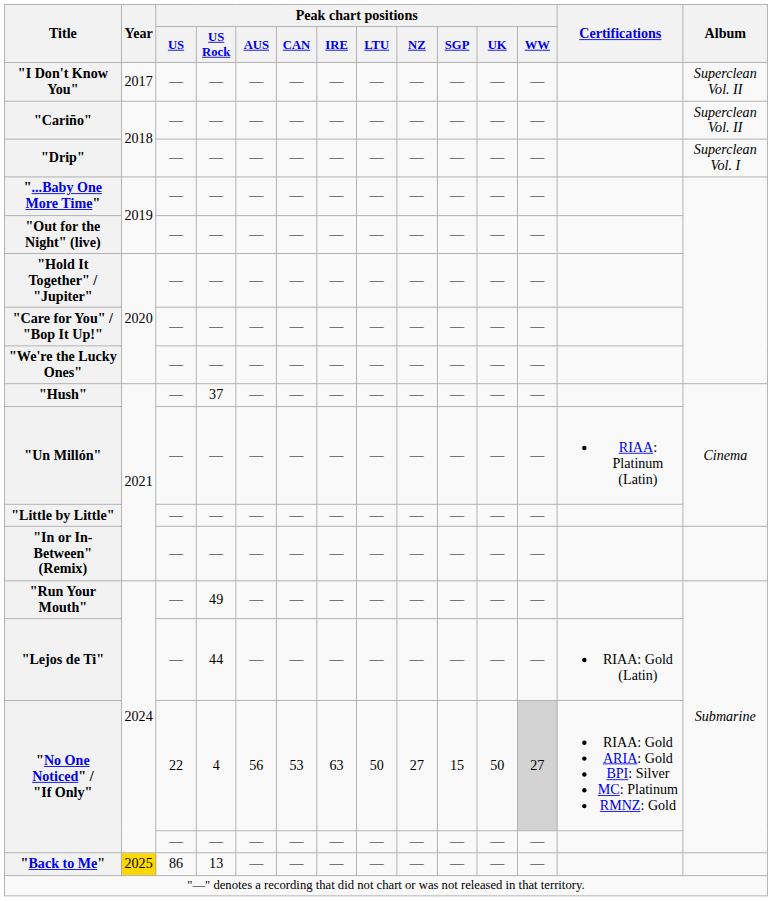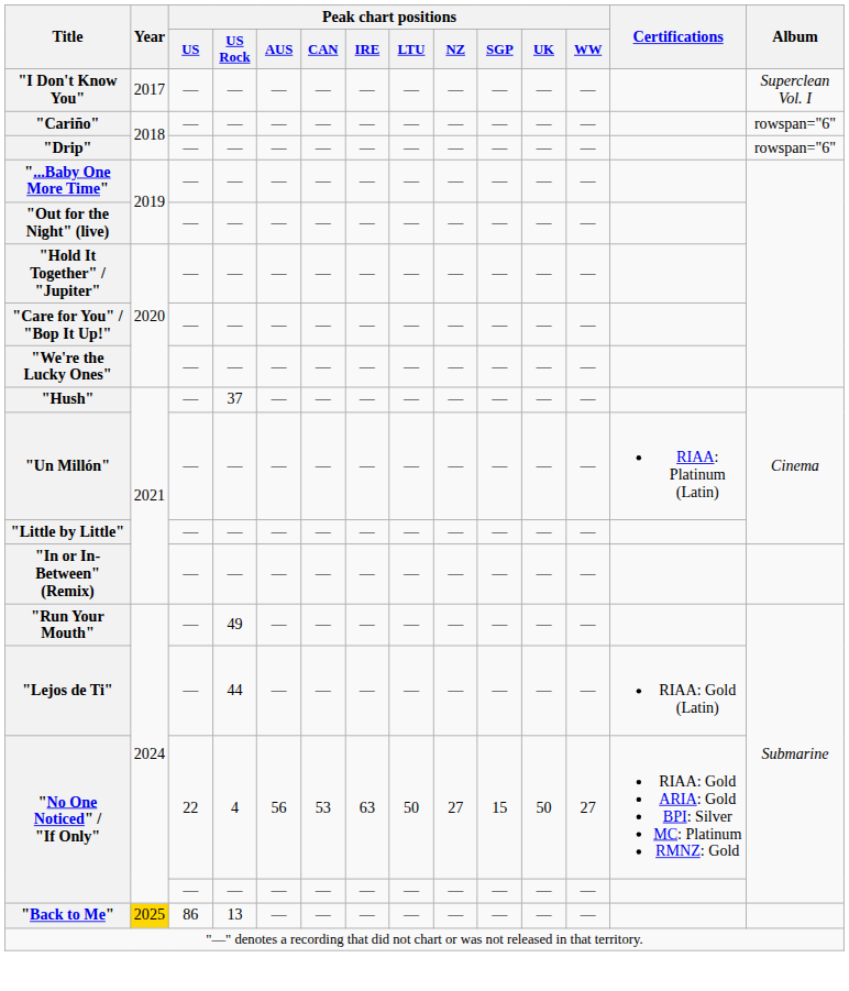 <table class="wikitable plainrowheaders" style="text-align:center;" border="1">
 <tr>
 <th scope="col" rowspan="2">Title</th>
 <th scope="col" rowspan="2">Year</th>
 <th scope="col" colspan="10">Peak chart positions</th>
 <th scope="col" rowspan="2"><a href='#'>Certifications</a></th>
 <th scope="col" rowspan="2">Album</th>
 </tr>
 <tr>
 <th scope="col" style="width:2.7em;font-size:90%;"><a href='#'>US</a><br></th>
 <th scope="col" style="width:2.7em;font-size:90%;"><a href='#'>US<br>Rock</a><br></th>
 <th scope="col" style="width:2.7em;font-size:90%;"><a href='#'>AUS</a><br></th>
 <th scope="col" style="width:2.7em;font-size:90%;"><a href='#'>CAN</a><br></th>
 <th scope="col" style="width:2.7em;font-size:90%;"><a href='#'>IRE</a><br></th>
 <th scope="col" style="width:2.7em;font-size:90%;"><a href='#'>LTU</a><br></th>
 <th scope="col" style="width:2.7em;font-size:90%;"><a href='#'>NZ</a><br></th>
 <th scope="col" style="width:2.7em;font-size:90%;"><a href='#'>SGP</a><br></th>
 <th scope="col" style="width:2.7em;font-size:90%;"><a href='#'>UK</a><br></th>
 <th scope="col" style="width:2.7em;font-size:90%;"><a href='#'>WW</a><br></th>
 </tr>
 <tr>
 <th scope="row">"I Don't Know You"</th>
 <td>2017</td>
 <td>—</td>
 <td>—</td>
 <td>—</td>
 <td>—</td>
 <td>—</td>
 <td>—</td>
 <td>—</td>
 <td>—</td>
 <td>—</td>
 <td>—</td>
 <td></td>
-<td><em>Superclean Vol. II</em></td>
+<td><em>Superclean Vol. I</em></td>
 </tr>
 <tr>
 <th scope="row">"Cariño"</th>
 <td rowspan="2">2018</td>
 <td>—</td>
 <td>—</td>
 <td>—</td>
 <td>—</td>
 <td>—</td>
 <td>—</td>
 <td>—</td>
 <td>—</td>
 <td>—</td>
 <td>—</td>
 <td></td>
-<td><em>Superclean Vol. II</em></td>
+<td>rowspan="6" </td>
 </tr>
 <tr>
 <th scope="row">"Drip"<br></th>
 <td>—</td>
 <td>—</td>
 <td>—</td>
 <td>—</td>
 <td>—</td>
 <td>—</td>
 <td>—</td>
 <td>—</td>
 <td>—</td>
 <td>—</td>
 <td></td>
-<td><em>Superclean Vol. I</em></td>
+<td>rowspan="6" </td>
 </tr>
 <tr>
 <th scope="row">"<a href='#'>...Baby One More Time</a>"</th>
 <td rowspan="2">2019</td>
 <td>—</td>
 <td>—</td>
 <td>—</td>
 <td>—</td>
 <td>—</td>
 <td>—</td>
 <td>—</td>
 <td>—</td>
 <td>—</td>
 <td>—</td>
 <td></td>
 </tr>
 <tr>
 <th scope="row">"Out for the Night" (live)</th>
 <td>—</td>
 <td>—</td>
 <td>—</td>
 <td>—</td>
 <td>—</td>
 <td>—</td>
 <td>—</td>
 <td>—</td>
 <td>—</td>
 <td>—</td>
 <td></td>
 </tr>
 <tr>
 <th scope="row">"Hold It Together" / "Jupiter"</th>
 <td rowspan="3">2020</td>
 <td>—</td>
 <td>—</td>
 <td>—</td>
 <td>—</td>
 <td>—</td>
 <td>—</td>
 <td>—</td>
 <td>—</td>
 <td>—</td>
 <td>—</td>
 <td></td>
 </tr>
 <tr>
 <th scope="row">"Care for You" / "Bop It Up!"</th>
 <td>—</td>
 <td>—</td>
 <td>—</td>
 <td>—</td>
 <td>—</td>
 <td>—</td>
 <td>—</td>
 <td>—</td>
 <td>—</td>
 <td>—</td>
 <td></td>
 </tr>
 <tr>
 <th scope="row">"We're the Lucky Ones"</th>
 <td>—</td>
 <td>—</td>
 <td>—</td>
 <td>—</td>
 <td>—</td>
 <td>—</td>
 <td>—</td>
 <td>—</td>
 <td>—</td>
 <td>—</td>
 <td></td>
 </tr>
 <tr>
 <th scope="row">"Hush"</th>
 <td rowspan="4">2021</td>
 <td>—</td>
 <td>37</td>
 <td>—</td>
 <td>—</td>
 <td>—</td>
 <td>—</td>
 <td>—</td>
 <td>—</td>
 <td>—</td>
 <td>—</td>
 <td></td>
 <td rowspan="3"><em>Cinema</em></td>
 </tr>
 <tr>
 <th scope="row">"Un Millón"</th>
 <td>—</td>
 <td>—</td>
 <td>—</td>
 <td>—</td>
 <td>—</td>
 <td>—</td>
 <td>—</td>
 <td>—</td>
 <td>—</td>
 <td>—</td>
 <td><br><ul><li><a href='#'>RIAA</a>: Platinum <span>(Latin)</span></li></ul></td>
 </tr>
 <tr>
 <th scope="row">"Little by Little"</th>
 <td>—</td>
 <td>—</td>
 <td>—</td>
 <td>—</td>
 <td>—</td>
 <td>—</td>
 <td>—</td>
 <td>—</td>
 <td>—</td>
 <td>—</td>
 <td></td>
 </tr>
 <tr>
 <th scope="row">"In or In-Between" (Remix)<br></th>
 <td>—</td>
 <td>—</td>
 <td>—</td>
 <td>—</td>
 <td>—</td>
 <td>—</td>
 <td>—</td>
 <td>—</td>
 <td>—</td>
 <td>—</td>
 <td></td>
 <td></td>
 </tr>
 <tr>
 <th scope="row">"Run Your Mouth"</th>
 <td rowspan="4">2024</td>
 <td>—</td>
 <td>49</td>
 <td>—</td>
 <td>—</td>
 <td>—</td>
 <td>—</td>
 <td>—</td>
 <td>—</td>
 <td>—</td>
 <td>—</td>
 <td></td>
 <td rowspan="4"><em>Submarine</em></td>
 </tr>
 <tr>
 <th scope="row">"Lejos de Ti"</th>
 <td>—</td>
 <td>44</td>
 <td>—</td>
 <td>—</td>
 <td>—</td>
 <td>—</td>
 <td>—</td>
 <td>—</td>
 <td>—</td>
 <td>—</td>
 <td><br><ul><li>RIAA: Gold <span>(Latin)</span></li></ul></td>
 </tr>
 <tr>
 <th scope="row" rowspan="2">"<a href='#'>No One Noticed</a>" /<br> "If Only"</th>
 <td>22</td>
 <td>4</td>
 <td>56</td>
 <td>53</td>
 <td>63</td>
 <td>50</td>
 <td>27</td>
 <td>15</td>
 <td>50</td>
-<td style="background: lightgrey;">27</td>
+<td>27</td>
 <td><br><ul><li>RIAA: Gold</li><li><a href='#'>ARIA</a>: Gold</li><li><a href='#'>BPI</a>: Silver</li><li><a href='#'>MC</a>: Platinum</li><li><a href='#'>RMNZ</a>: Gold</li></ul></td>
 </tr>
 <tr>
 <td>—</td>
 <td>—</td>
 <td>—</td>
 <td>—</td>
 <td>—</td>
 <td>—</td>
 <td>—</td>
 <td>—</td>
 <td>—</td>
 <td>—</td>
 <td></td>
 </tr>
 <tr>
 <th scope="row">"<a href='#'>Back to Me</a>"</th>
 <td style="background: gold;">2025</td>
 <td>86</td>
 <td>13</td>
 <td>—</td>
 <td>—</td>
 <td>—</td>
 <td>—</td>
 <td>—</td>
 <td>—</td>
 <td>—</td>
 <td>—</td>
 <td></td>
 <td></td>
 </tr>
 <tr>
 <td colspan="14" style="font-size:90%">"—" denotes a recording that did not chart or was not released in that territory.</td>
 </tr>
 </table>
